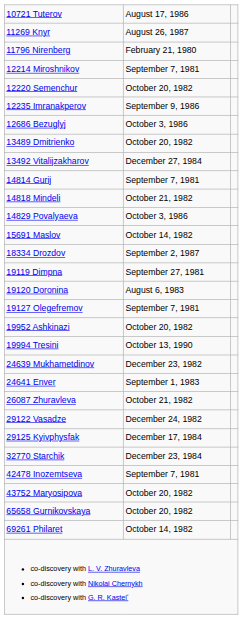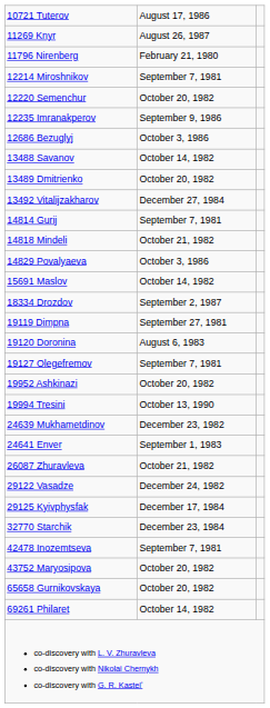 <table class="wikitable" style="font-size: 89%; float: left; width: 27em; margin-right: 1em; line-height: 1.65em !important; height: 540px;">
 <tr>
 <td><a href='#'>10721 Tuterov</a></td>
 <td>August 17, 1986</td>
 <td></td>
 </tr>
 <tr>
 <td><a href='#'>11269 Knyr</a></td>
 <td>August 26, 1987</td>
 <td></td>
 </tr>
 <tr>
 <td><a href='#'>11796 Nirenberg</a></td>
 <td>February 21, 1980</td>
 <td></td>
 </tr>
 <tr>
 <td><a href='#'>12214 Miroshnikov</a></td>
 <td>September 7, 1981</td>
 <td></td>
 </tr>
 <tr>
 <td><a href='#'>12220 Semenchur</a></td>
 <td>October 20, 1982</td>
 <td></td>
 </tr>
 <tr>
 <td><a href='#'>12235 Imranakperov</a></td>
 <td>September 9, 1986</td>
 <td></td>
 </tr>
 <tr>
 <td><a href='#'>12686 Bezuglyj</a></td>
 <td>October 3, 1986</td>
+<td></td>
+</tr>
+<tr>
+<td><a href='#'>13488 Savanov</a></td>
+<td>October 14, 1982</td>
 <td></td>
 </tr>
 <tr>
 <td><a href='#'>13489 Dmitrienko</a></td>
 <td>October 20, 1982</td>
 <td></td>
 </tr>
 <tr>
 <td><a href='#'>13492 Vitalijzakharov</a></td>
 <td>December 27, 1984</td>
 <td></td>
 </tr>
 <tr>
 <td><a href='#'>14814 Gurij</a></td>
 <td>September 7, 1981</td>
 <td></td>
 </tr>
 <tr>
 <td><a href='#'>14818 Mindeli</a></td>
 <td>October 21, 1982</td>
 <td></td>
 </tr>
 <tr>
 <td><a href='#'>14829 Povalyaeva</a></td>
 <td>October 3, 1986</td>
 <td></td>
 </tr>
 <tr>
 <td><a href='#'>15691 Maslov</a></td>
 <td>October 14, 1982</td>
 <td></td>
 </tr>
 <tr>
 <td><a href='#'>18334 Drozdov</a></td>
 <td>September 2, 1987</td>
 <td></td>
 </tr>
 <tr>
 <td><a href='#'>19119 Dimpna</a></td>
 <td>September 27, 1981</td>
 <td></td>
 </tr>
 <tr>
 <td><a href='#'>19120 Doronina</a></td>
 <td>August 6, 1983</td>
 <td></td>
 </tr>
 <tr>
 <td><a href='#'>19127 Olegefremov</a></td>
 <td>September 7, 1981</td>
 <td></td>
 </tr>
 <tr>
 <td><a href='#'>19952 Ashkinazi</a></td>
 <td>October 20, 1982</td>
 <td></td>
 </tr>
 <tr>
 <td><a href='#'>19994 Tresini</a></td>
 <td>October 13, 1990</td>
 <td> </td>
 </tr>
 <tr>
 <td><a href='#'>24639 Mukhametdinov</a></td>
 <td>December 23, 1982</td>
 <td></td>
 </tr>
 <tr>
 <td><a href='#'>24641 Enver</a></td>
 <td>September 1, 1983</td>
 <td></td>
 </tr>
 <tr>
 <td><a href='#'>26087 Zhuravleva</a></td>
 <td>October 21, 1982</td>
 <td></td>
 </tr>
 <tr>
 <td><a href='#'>29122 Vasadze</a></td>
 <td>December 24, 1982</td>
 <td></td>
 </tr>
 <tr>
 <td><a href='#'>29125 Kyivphysfak</a></td>
 <td>December 17, 1984</td>
 <td></td>
 </tr>
 <tr>
 <td><a href='#'>32770 Starchik</a></td>
 <td>December 23, 1984</td>
 <td></td>
 </tr>
 <tr>
 <td><a href='#'>42478 Inozemtseva</a></td>
 <td>September 7, 1981</td>
 <td></td>
 </tr>
 <tr>
 <td><a href='#'>43752 Maryosipova</a></td>
 <td>October 20, 1982</td>
 <td></td>
 </tr>
 <tr>
 <td><a href='#'>65658 Gurnikovskaya</a></td>
 <td>October 20, 1982</td>
 <td></td>
 </tr>
 <tr>
 <td><a href='#'>69261 Philaret</a></td>
 <td>October 14, 1982</td>
 <td></td>
 </tr>
 <tr>
 <td colspan=3 style="font-size: smaller;"><br><ul><li> co-discovery with <a href='#'>L. V. Zhuravleva</a></li><li> co-discovery with <a href='#'>Nikolai Chernykh</a></li><li> co-discovery with <a href='#'>G. R. Kastelʹ</a></li></ul></td>
 </tr>
 </table>
